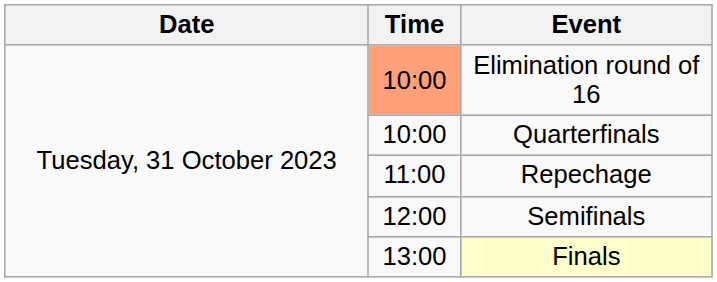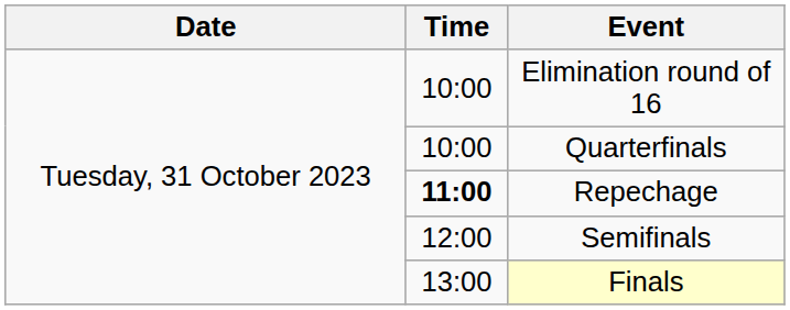 <table class = "wikitable" style="text-align:center;">
 <tr>
 <th width=220>Date</th>
 <th width=50>Time</th>
 <th width=150>Event</th>
 </tr>
 <tr>
 <td rowspan=5>Tuesday, 31 October 2023</td>
-<td style="background: lightsalmon;">10:00</td>
+<td>10:00</td>
 <td>Elimination round of 16</td>
 </tr>
 <tr>
 <td>10:00</td>
 <td>Quarterfinals</td>
 </tr>
 <tr>
-<td>11:00</td>
+<td><strong>11:00</strong></td>
 <td>Repechage</td>
 </tr>
 <tr>
 <td>12:00</td>
 <td>Semifinals</td>
 </tr>
 <tr>
 <td>13:00</td>
 <td bgcolor=ffffcc>Finals</td>
 </tr>
 </table>
